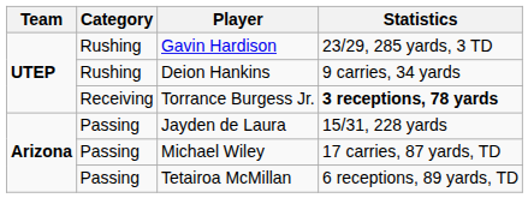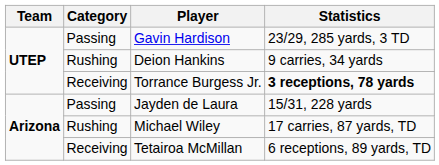 <table class="wikitable" style="float: right;">
 <tr>
 <th>Team</th>
 <th>Category</th>
 <th>Player</th>
 <th>Statistics</th>
 </tr>
 <tr>
 <td rowspan=3><strong>UTEP</strong></td>
-<td>Rushing</td>
+<td>Passing</td>
 <td><a href='#'>Gavin Hardison</a></td>
 <td>23/29, 285 yards, 3 TD</td>
 </tr>
 <tr>
 <td>Rushing</td>
 <td>Deion Hankins</td>
 <td>9 carries, 34 yards</td>
 </tr>
 <tr>
 <td>Receiving</td>
 <td>Torrance Burgess Jr.</td>
 <td><strong>3 receptions, 78 yards</strong></td>
 </tr>
 <tr>
 <td rowspan=3><strong>Arizona</strong></td>
 <td>Passing</td>
 <td>Jayden de Laura</td>
 <td>15/31, 228 yards</td>
 </tr>
 <tr>
-<td>Passing</td>
+<td>Rushing</td>
 <td>Michael Wiley</td>
 <td>17 carries, 87 yards, TD</td>
 </tr>
 <tr>
-<td>Passing</td>
+<td>Receiving</td>
 <td>Tetairoa McMillan</td>
 <td>6 receptions, 89 yards, TD</td>
 </tr>
 </table>
